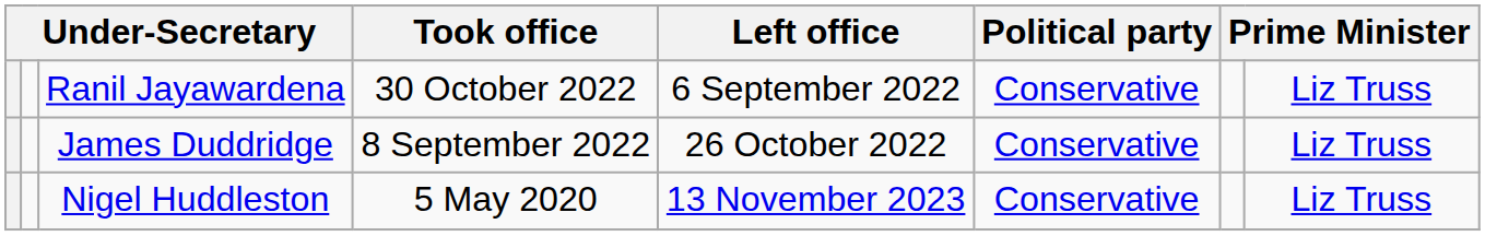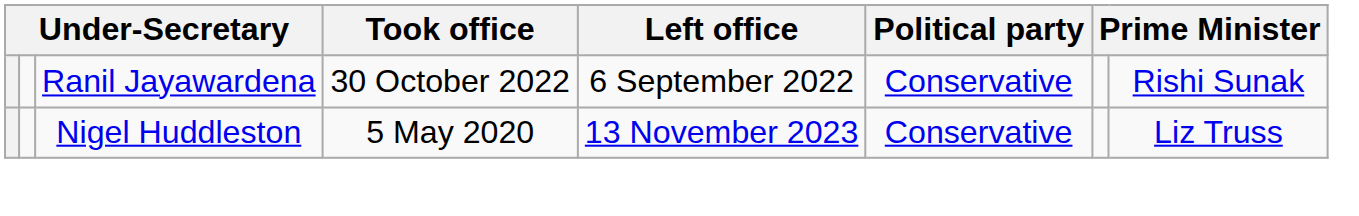 <table class="wikitable" style="text-align:center">
 <tr>
 <th colspan=3>Under-Secretary</th>
 <th>Took office</th>
 <th>Left office</th>
 <th>Political party</th>
 <th colspan=2>Prime Minister</th>
 </tr>
 <tr>
 <th style="background-color:"></th>
 <td></td>
 <td><a href='#'>Ranil Jayawardena</a><br></td>
 <td>30 October 2022</td>
 <td>6 September 2022</td>
 <td><a href='#'>Conservative</a></td>
 <td style="background-color:"></td>
-<td><a href='#'>Liz Truss</a></td>
-</tr>
-<tr>
-<th style="background-color:"></th>
-<td></td>
-<td><a href='#'>James Duddridge</a><br></td>
-<td>8 September 2022</td>
-<td>26 October 2022</td>
-<td><a href='#'>Conservative</a></td>
-<td style="background-color:"></td>
-<td><a href='#'>Liz Truss</a></td>
+<td><a href='#'>Rishi Sunak</a></td>
 </tr>
 <tr>
 <th style="background-color:"></th>
 <td></td>
 <td><a href='#'>Nigel Huddleston</a><br></td>
 <td>5 May 2020</td>
 <td><a href='#'>13 November 2023</a></td>
 <td><a href='#'>Conservative</a></td>
 <td style="background-color:"></td>
 <td><a href='#'>Liz Truss</a></td>
 </tr>
 </table>
